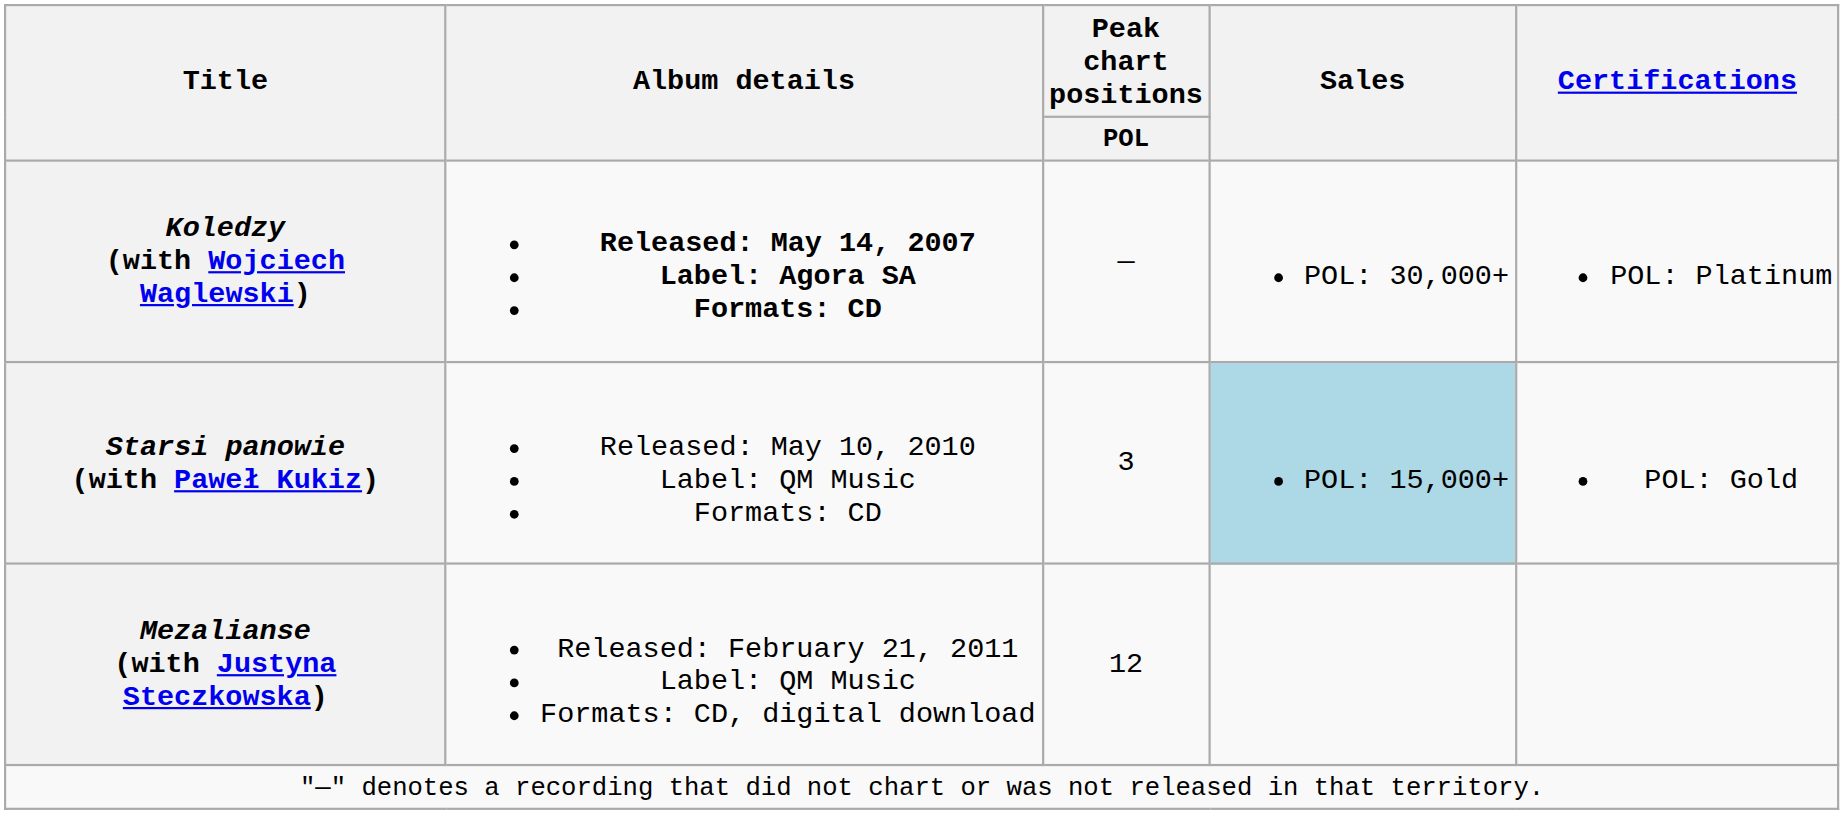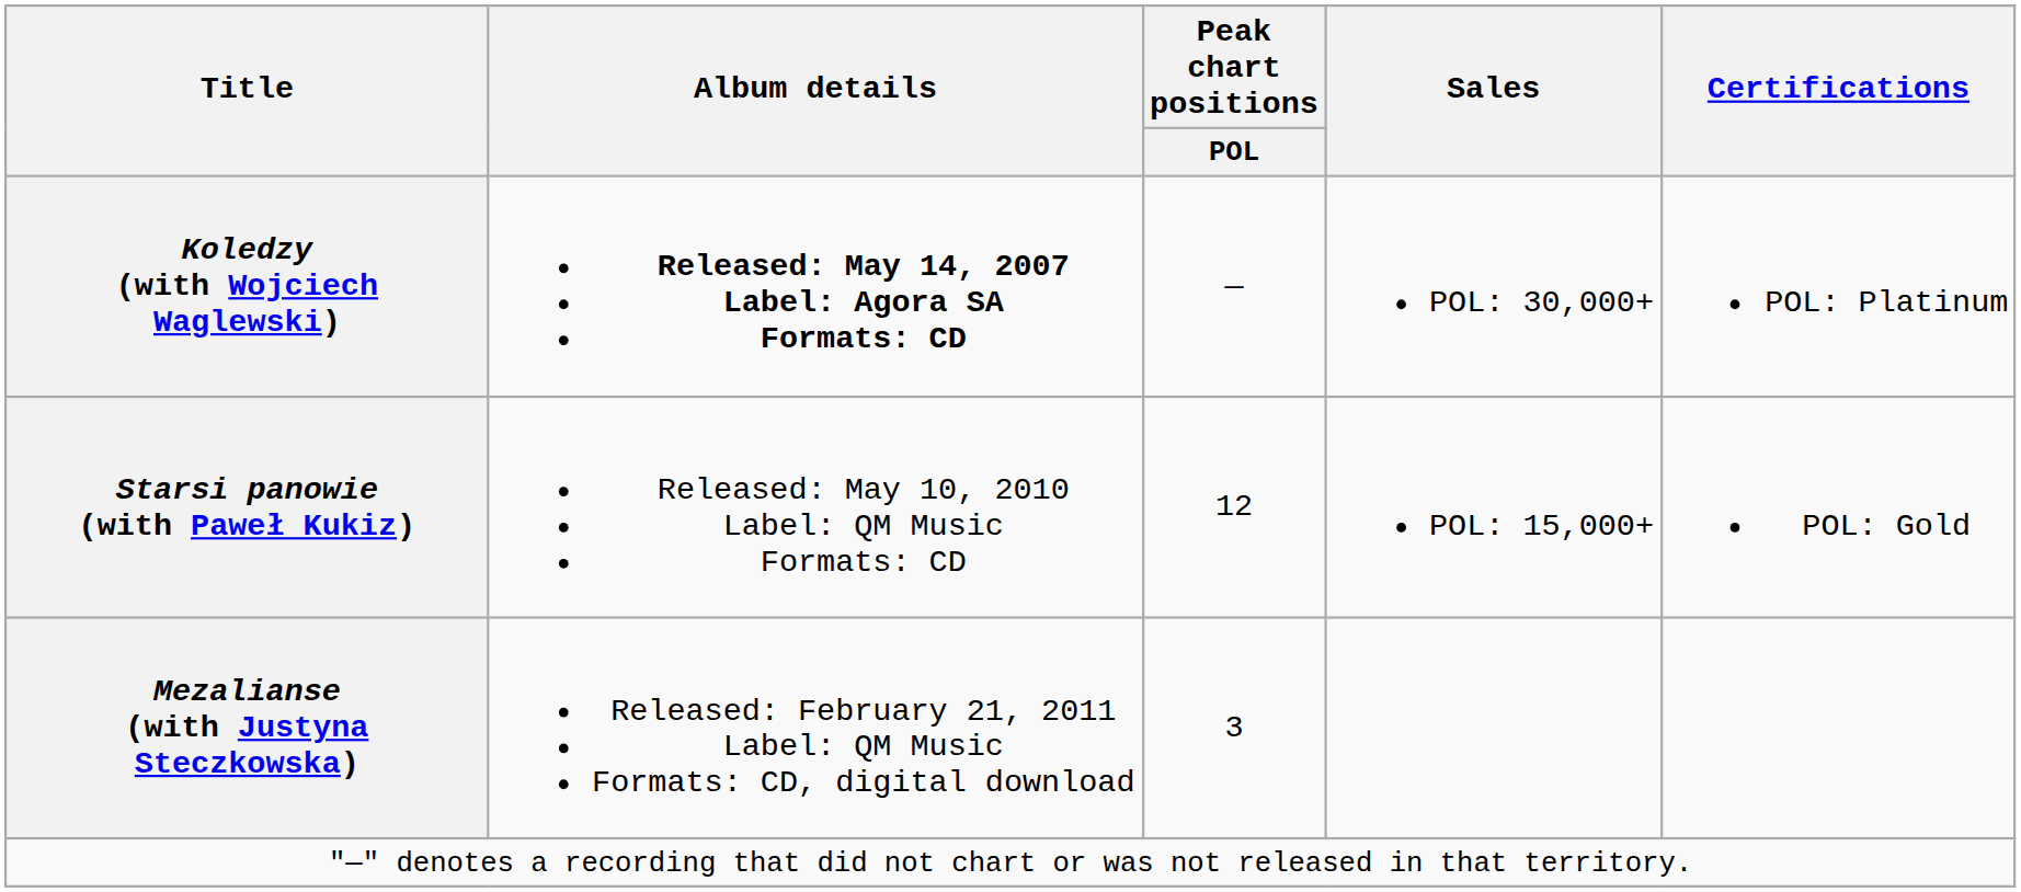 <table class="wikitable plainrowheaders" style="text-align:center;">
 <tr>
 <th scope="col" rowspan="2" style="width:15em;">Title</th>
 <th scope="col" rowspan="2">Album details</th>
 <th scope="col" colspan="1">Peak chart positions</th>
 <th scope="col" rowspan="2">Sales</th>
 <th scope="col" rowspan="2"><a href='#'>Certifications</a></th>
 </tr>
 <tr>
 <th scope="col" style="width:3em;font-size:90%;">POL<br></th>
 </tr>
 <tr>
 <th scope="row"><em>Koledzy</em><br>(with <a href='#'>Wojciech Waglewski</a>)</th>
 <td><strong><br><ul><li>Released: May 14, 2007</li><li>Label: Agora SA</li><li>Formats: CD</li></ul></strong></td>
 <td>—</td>
 <td><br><ul><li>POL: 30,000+</li></ul></td>
 <td><br><ul><li>POL: Platinum</li></ul></td>
 </tr>
 <tr>
 <th scope="row"><em>Starsi panowie</em><br>(with <a href='#'>Paweł Kukiz</a>)</th>
 <td><br><ul><li>Released: May 10, 2010</li><li>Label: QM Music</li><li>Formats: CD</li></ul></td>
-<td>3</td>
-<td style="background: lightblue;"><br><ul><li>POL: 15,000+</li></ul></td>
+<td>12</td>
+<td><br><ul><li>POL: 15,000+</li></ul></td>
 <td><br><ul><li>POL: Gold</li></ul></td>
 </tr>
 <tr>
 <th scope="row"><em>Mezalianse</em><br>(with <a href='#'>Justyna Steczkowska</a>)</th>
 <td><br><ul><li>Released: February 21, 2011</li><li>Label: QM Music</li><li>Formats: CD, digital download</li></ul></td>
-<td>12</td>
+<td>3</td>
 <td></td>
 <td></td>
 </tr>
 <tr>
 <td colspan="20" style="font-size:90%">"—" denotes a recording that did not chart or was not released in that territory.</td>
 </tr>
 </table>
